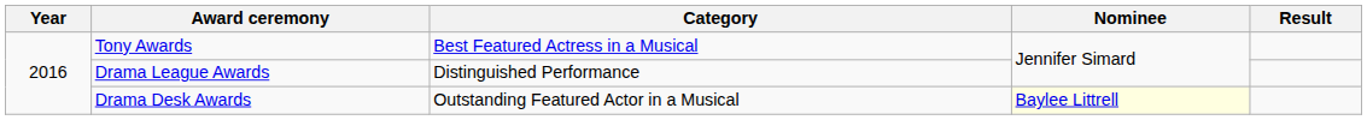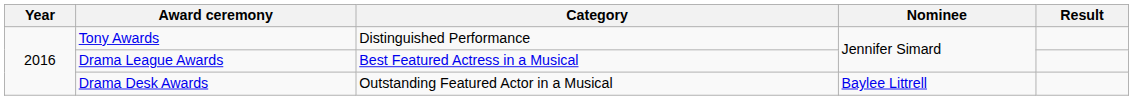 <table class=wikitable width=100%>
 <tr>
 <th scope=col>Year</th>
 <th scope=col>Award ceremony</th>
 <th scope=col>Category</th>
 <th scope=col>Nominee</th>
 <th scope=col>Result</th>
 </tr>
 <tr>
 <td rowspan="3" align="center">2016</td>
 <td><a href='#'>Tony Awards</a></td>
-<td><a href='#'>Best Featured Actress in a Musical</a></td>
+<td>Distinguished Performance</td>
 <td rowspan="2">Jennifer Simard</td>
 <td></td>
 </tr>
 <tr>
 <td><a href='#'>Drama League Awards</a></td>
-<td>Distinguished Performance</td>
+<td><a href='#'>Best Featured Actress in a Musical</a></td>
 <td></td>
 </tr>
 <tr>
 <td><a href='#'>Drama Desk Awards</a></td>
 <td>Outstanding Featured Actor in a Musical</td>
-<td style="background: lightyellow;"><a href='#'>Baylee Littrell</a></td>
+<td><a href='#'>Baylee Littrell</a></td>
 <td></td>
 </tr>
 </table>
